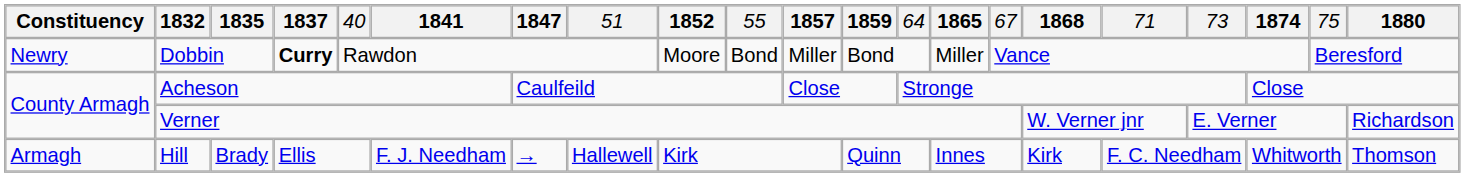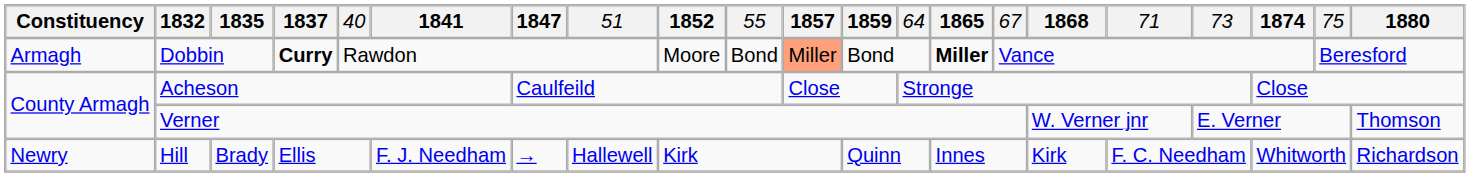 <table class="wikitable" style="border-collapse: separate; border-spacing: 0;">
 <tr>
 <th>Constituency</th>
 <th>1832</th>
 <th>1835</th>
 <th>1837</th>
 <th style="font-weight: normal;"><em>40</em></th>
 <th>1841</th>
 <th>1847</th>
 <th style="font-weight: normal;"><em>51</em></th>
 <th>1852</th>
 <th style="font-weight: normal;"><em>55</em></th>
 <th>1857</th>
 <th>1859</th>
 <th style="font-weight: normal;"><em>64</em></th>
 <th>1865</th>
 <th style="font-weight: normal;"><em>67</em></th>
 <th>1868</th>
 <th style="font-weight: normal;"><em>71</em></th>
 <th style="font-weight: normal;"><em>73</em></th>
 <th>1874</th>
 <th style="font-weight: normal;"><em>75</em></th>
 <th>1880</th>
 </tr>
 <tr>
-<td><a href='#'>Newry</a></td>
+<td><a href='#'>Armagh</a></td>
 <td colspan="2"><a href='#'>Dobbin</a></td>
 <td><strong>Curry</strong></td>
 <td colspan="4">Rawdon</td>
 <td>Moore</td>
 <td>Bond</td>
-<td>Miller</td>
+<td style="background: lightsalmon;">Miller</td>
 <td colspan="2">Bond</td>
-<td>Miller</td>
+<td><strong>Miller</strong></td>
 <td colspan="5"><a href='#'>Vance</a></td>
 <td colspan="2"><a href='#'>Beresford</a></td>
 </tr>
 <tr>
 <td rowspan="2"><a href='#'>County Armagh</a></td>
 <td colspan="5"><a href='#'>Acheson</a></td>
 <td colspan="4"><a href='#'>Caulfeild</a></td>
 <td colspan="2"><a href='#'>Close</a></td>
 <td colspan="6"><a href='#'>Stronge</a></td>
 <td colspan="3"><a href='#'>Close</a></td>
 </tr>
 <tr>
 <td colspan="14"><a href='#'>Verner</a></td>
 <td colspan="2"><a href='#'>W. Verner jnr</a></td>
 <td colspan="3"><a href='#'>E. Verner</a></td>
-<td><a href='#'>Richardson</a></td>
+<td><a href='#'>Thomson</a></td>
 </tr>
 <tr>
-<td><a href='#'>Armagh</a></td>
+<td><a href='#'>Newry</a></td>
 <td><a href='#'>Hill</a></td>
 <td><a href='#'>Brady</a></td>
 <td colspan="2"><a href='#'>Ellis</a></td>
 <td><a href='#'>F. J. Needham</a></td>
 <td><a href='#'>→</a></td>
 <td><a href='#'>Hallewell</a></td>
 <td colspan="3"><a href='#'>Kirk</a></td>
 <td colspan="2"><a href='#'>Quinn</a></td>
 <td colspan="2"><a href='#'>Innes</a></td>
 <td><a href='#'>Kirk</a></td>
 <td colspan="2"><a href='#'>F. C. Needham</a></td>
 <td colspan="2"><a href='#'>Whitworth</a></td>
-<td><a href='#'>Thomson</a></td>
+<td><a href='#'>Richardson</a></td>
 </tr>
 </table>
